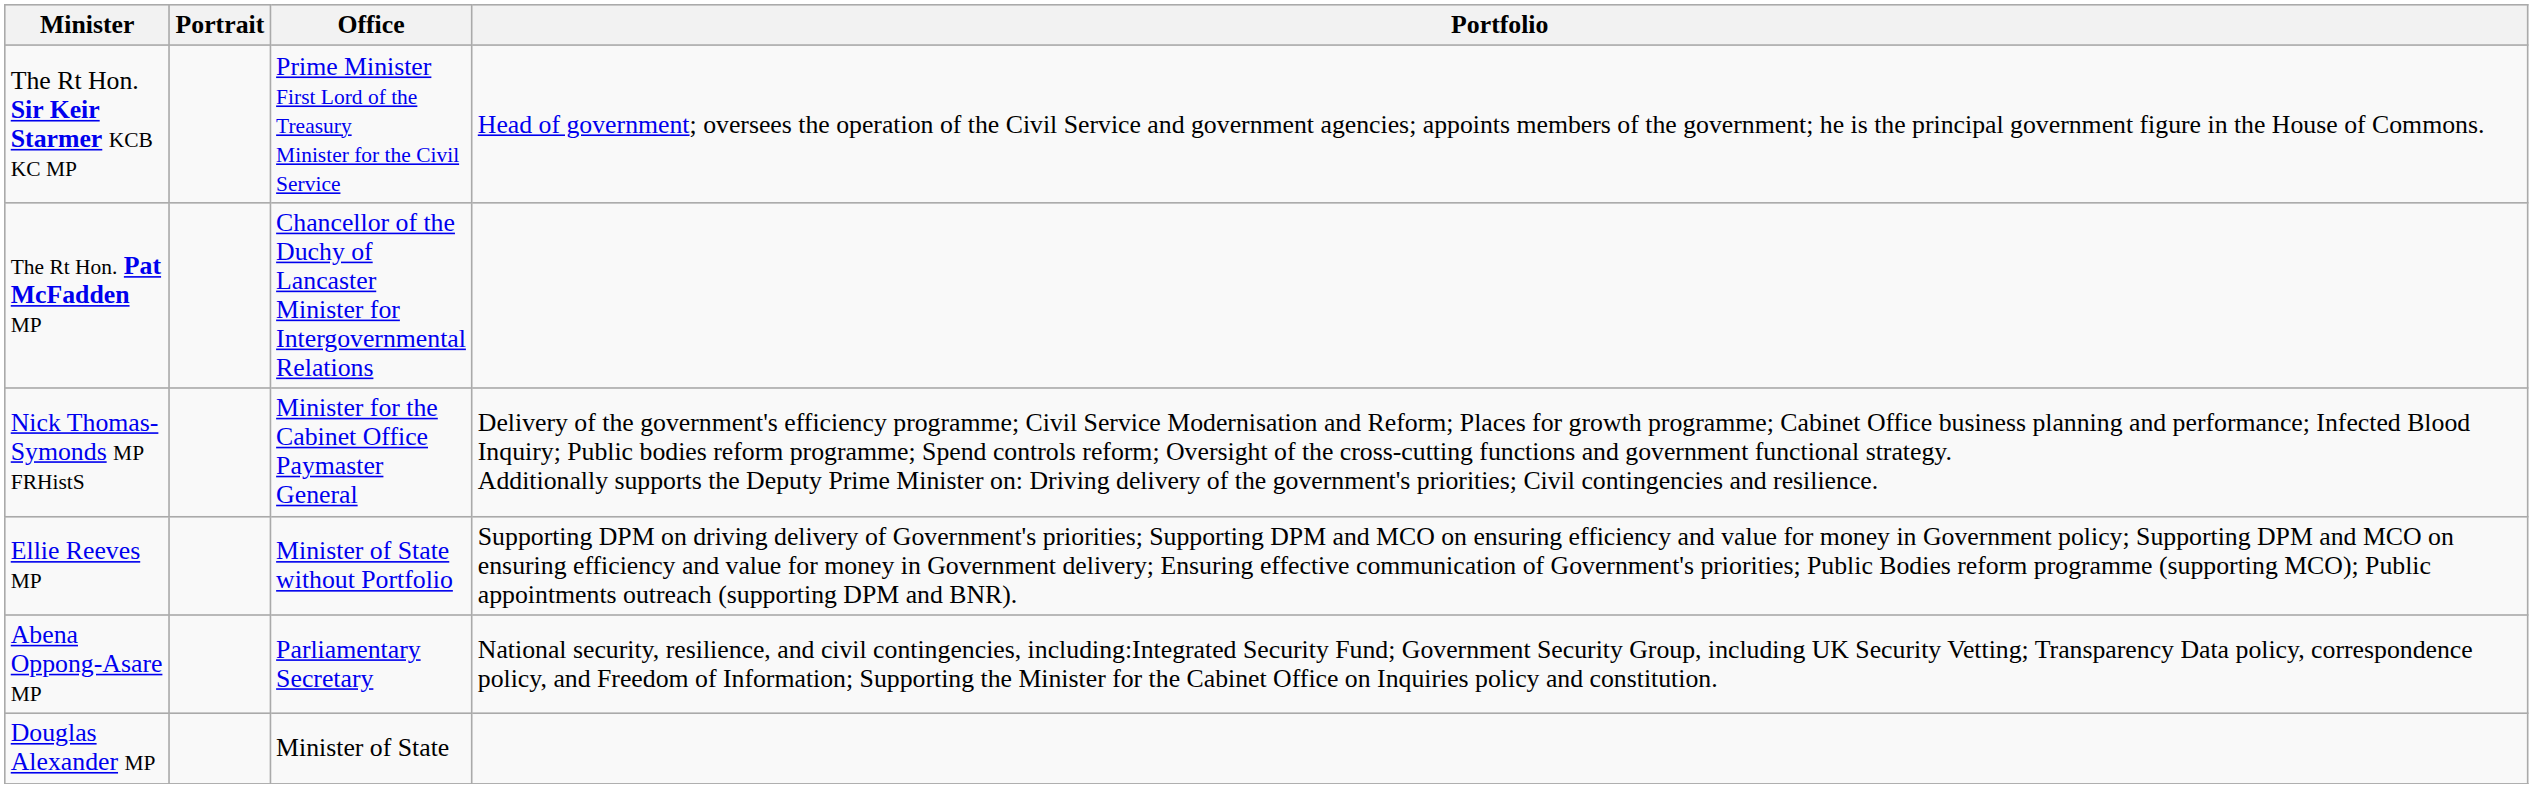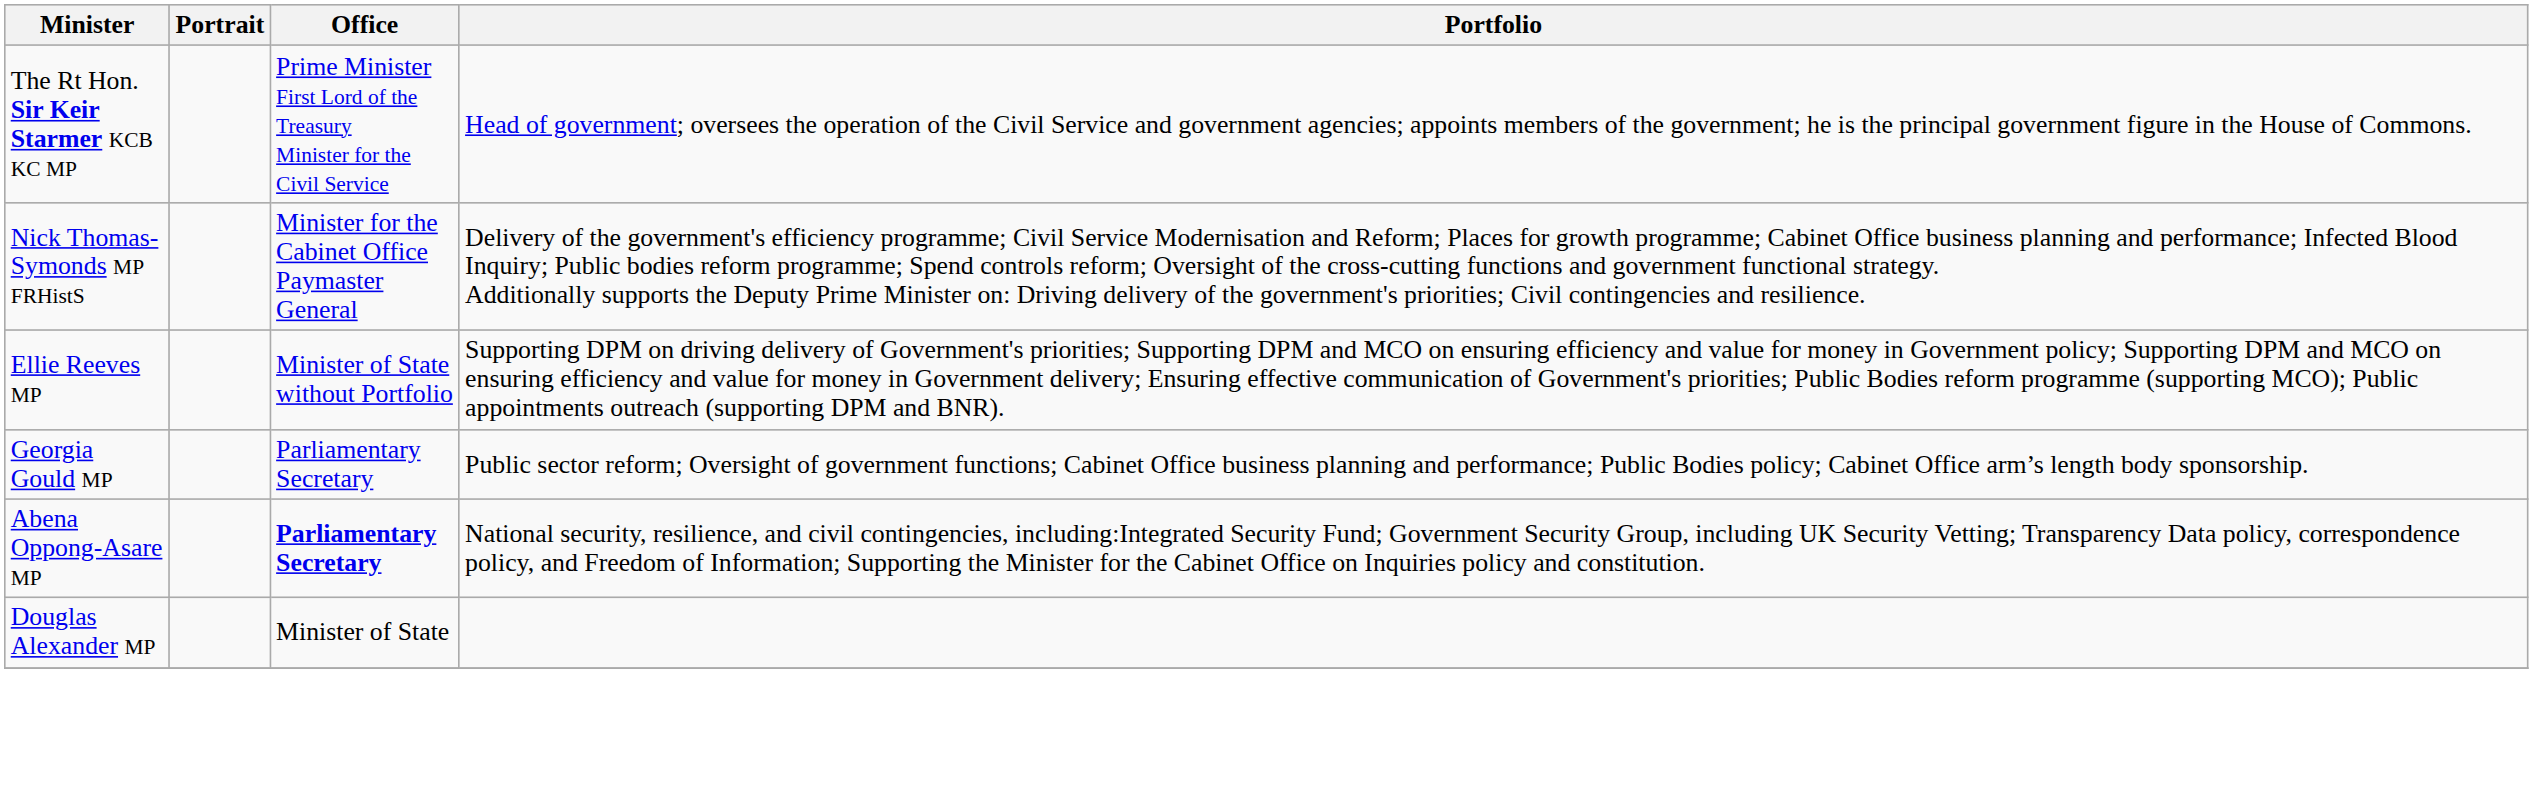 <table class=wikitable>
 <tr>
 <th width=95px>Minister</th>
 <th>Portrait</th>
 <th width=110px>Office</th>
 <th>Portfolio</th>
 </tr>
 <tr>
 <td>The Rt Hon. <strong><a href='#'>Sir Keir Starmer</a></strong> <small>KCB KC MP</small></td>
 <td></td>
 <td><a href='#'>Prime Minister</a><br><small><a href='#'>First Lord of the Treasury</a></small> <br><small><a href='#'>Minister for the Civil Service</a></small></td>
 <td><a href='#'>Head of government</a>; oversees the operation of the Civil Service and government agencies; appoints members of the government; he is the principal government figure in the House of Commons.</td>
 </tr>
 <tr>
-<td><small>The Rt Hon.</small> <strong><a href='#'>Pat McFadden</a></strong> <small>MP</small></td>
-<td></td>
-<td><a href='#'>Chancellor of the Duchy of Lancaster</a><br><a href='#'>Minister for Intergovernmental Relations</a></td>
-<td></td>
-</tr>
-<tr>
 <td> <a href='#'>Nick Thomas-Symonds</a> <small>MP FRHistS</small></td>
 <td></td>
 <td><a href='#'>Minister for the Cabinet Office</a> <br> <a href='#'>Paymaster General</a></td>
 <td>Delivery of the government's efficiency programme; Civil Service Modernisation and Reform; Places for growth programme; Cabinet Office business planning and performance; Infected Blood Inquiry; Public bodies reform programme; Spend controls reform; Oversight of the cross-cutting functions and government functional strategy.<br>Additionally supports the Deputy Prime Minister on: Driving delivery of the government's priorities; Civil contingencies and resilience.</td>
 </tr>
 <tr>
 <td><a href='#'>Ellie Reeves</a> <small>MP</small></td>
 <td></td>
 <td><a href='#'>Minister of State without Portfolio</a></td>
 <td>Supporting DPM on driving delivery of Government's priorities; Supporting DPM and MCO on ensuring efficiency and value for money in Government policy; Supporting DPM and MCO on ensuring efficiency and value for money in Government delivery; Ensuring effective communication of Government's priorities; Public Bodies reform programme (supporting MCO); Public appointments outreach (supporting DPM and BNR).</td>
 </tr>
 <tr>
+<td><a href='#'>Georgia Gould</a> <small>MP</small></td>
+<td></td>
+<td><a href='#'>Parliamentary Secretary</a></td>
+<td>Public sector reform; Oversight of government functions; Cabinet Office business planning and performance; Public Bodies policy; Cabinet Office arm’s length body sponsorship.</td>
+</tr>
+<tr>
 <td><a href='#'>Abena Oppong-Asare</a> <small>MP</small></td>
 <td></td>
-<td><a href='#'>Parliamentary Secretary</a></td>
+<td><strong><a href='#'>Parliamentary Secretary</a></strong></td>
 <td>National security, resilience, and civil contingencies, including:Integrated Security Fund; Government Security Group, including UK Security Vetting; Transparency Data policy, correspondence policy, and Freedom of Information; Supporting the Minister for the Cabinet Office on Inquiries policy and constitution.</td>
 </tr>
 <tr>
 <td> <a href='#'>Douglas Alexander</a> <small>MP</small></td>
 <td></td>
 <td>Minister of State</td>
 <td></td>
 </tr>
 <tr>
 </tr>
 </table>
